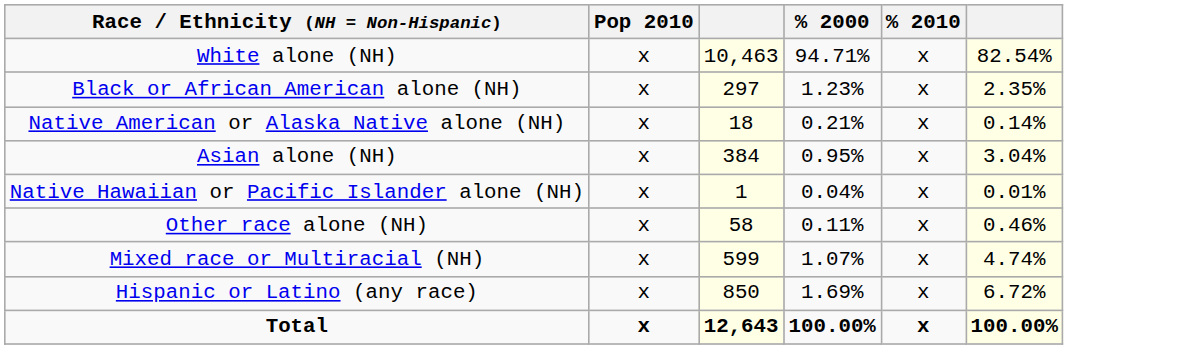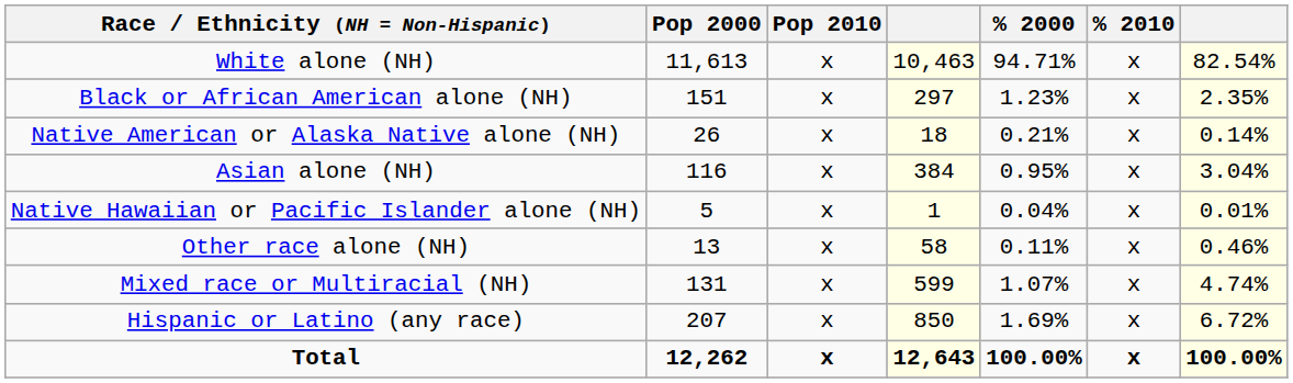 <table class="wikitable"  style="text-align:center;">
 <tr>
 <th>Race / Ethnicity <small>(<em>NH = Non-Hispanic</em>)</small></th>
+<th>Pop 2000</th>
 <th>Pop 2010</th>
 <th></th>
 <th>% 2000</th>
 <th>% 2010</th>
 <th></th>
 </tr>
 <tr>
 <td><a href='#'>White</a> alone (NH)</td>
+<td>11,613</td>
 <td>x</td>
 <td style='background: #ffffe6;'>10,463</td>
 <td>94.71%</td>
 <td>x</td>
 <td style='background: #ffffe6;'>82.54%</td>
 </tr>
 <tr>
 <td><a href='#'>Black or African American</a> alone (NH)</td>
+<td>151</td>
 <td>x</td>
 <td style='background: #ffffe6;'>297</td>
 <td>1.23%</td>
 <td>x</td>
 <td style='background: #ffffe6;'>2.35%</td>
 </tr>
 <tr>
 <td><a href='#'>Native American</a> or <a href='#'>Alaska Native</a> alone (NH)</td>
+<td>26</td>
 <td>x</td>
 <td style='background: #ffffe6;'>18</td>
 <td>0.21%</td>
 <td>x</td>
 <td style='background: #ffffe6;'>0.14%</td>
 </tr>
 <tr>
 <td><a href='#'>Asian</a> alone (NH)</td>
+<td>116</td>
 <td>x</td>
 <td style='background: #ffffe6;'>384</td>
 <td>0.95%</td>
 <td>x</td>
 <td style='background: #ffffe6;'>3.04%</td>
 </tr>
 <tr>
 <td><a href='#'>Native Hawaiian</a> or <a href='#'>Pacific Islander</a> alone (NH)</td>
+<td>5</td>
 <td>x</td>
 <td style='background: #ffffe6;'>1</td>
 <td>0.04%</td>
 <td>x</td>
 <td style='background: #ffffe6;'>0.01%</td>
 </tr>
 <tr>
 <td><a href='#'>Other race</a> alone (NH)</td>
+<td>13</td>
 <td>x</td>
 <td style='background: #ffffe6;'>58</td>
 <td>0.11%</td>
 <td>x</td>
 <td style='background: #ffffe6;'>0.46%</td>
 </tr>
 <tr>
 <td><a href='#'>Mixed race or Multiracial</a> (NH)</td>
+<td>131</td>
 <td>x</td>
 <td style='background: #ffffe6;'>599</td>
 <td>1.07%</td>
 <td>x</td>
 <td style='background: #ffffe6;'>4.74%</td>
 </tr>
 <tr>
 <td><a href='#'>Hispanic or Latino</a> (any race)</td>
+<td>207</td>
 <td>x</td>
 <td style='background: #ffffe6;'>850</td>
 <td>1.69%</td>
 <td>x</td>
 <td style='background: #ffffe6;'>6.72%</td>
 </tr>
 <tr>
 <td><strong>Total</strong></td>
+<td><strong>12,262</strong></td>
 <td><strong>x</strong></td>
 <td style='background: #ffffe6;'><strong>12,643</strong></td>
 <td><strong>100.00%</strong></td>
 <td><strong>x</strong></td>
 <td style='background: #ffffe6;'><strong>100.00%</strong></td>
 </tr>
 </table>
